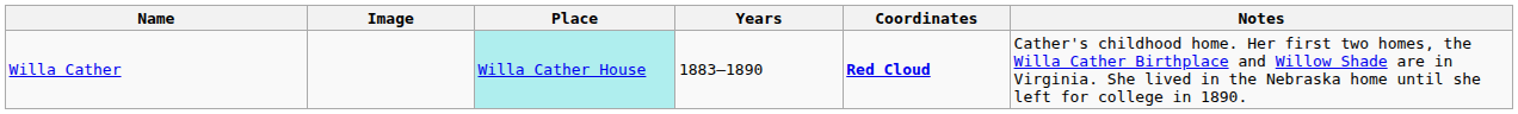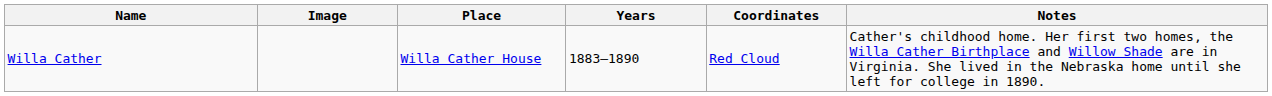 <table class="wikitable sortable" style="width: 100%">
 <tr>
 <th width="18%">Name</th>
 <th width="10%">Image</th>
 <th width="12%">Place</th>
 <th width="10%">Years</th>
 <th width="10%">Coordinates</th>
 <th width="30%">Notes</th>
 </tr>
 <tr>
 <td><a href='#'>Willa Cather</a></td>
 <td></td>
-<td style="background: paleturquoise;"><a href='#'>Willa Cather House</a></td>
+<td><a href='#'>Willa Cather House</a></td>
 <td>1883–1890</td>
-<td><strong><a href='#'>Red Cloud</a> <br> </strong></td>
+<td><a href='#'>Red Cloud</a> <br> </td>
 <td>Cather's childhood home. Her first two homes, the <a href='#'>Willa Cather Birthplace</a> and <a href='#'>Willow Shade</a> are in Virginia. She lived in the Nebraska home until she left for college in 1890.</td>
 </tr>
 <tr>
 </tr>
 </table>
